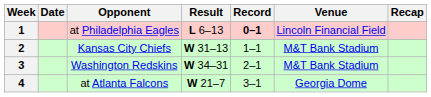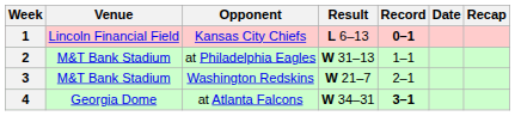 <table class="wikitable" style="text-align:center">
 <tr>
 <th>Week</th>
-<th>Date</th>
+<th>Venue</th>
 <th>Opponent</th>
 <th>Result</th>
 <th>Record</th>
-<th>Venue</th>
+<th>Date</th>
 <th>Recap</th>
 </tr>
 <tr style="background:#fcc">
 <th>1</th>
-<td style="text-align:center;"></td>
-<td style="text-align:center;">at <a href='#'>Philadelphia Eagles</a></td>
+<td style="text-align:center;"><a href='#'>Lincoln Financial Field</a></td>
+<td style="text-align:center;"><a href='#'>Kansas City Chiefs</a></td>
 <td style="text-align:center;"><strong>L</strong> 6–13</td>
 <td style="text-align:center;"><strong>0–1</strong></td>
-<td style="text-align:center;"><a href='#'>Lincoln Financial Field</a></td>
+<td style="text-align:center;"></td>
 <td style="text-align:center;"></td>
 </tr>
 <tr style="background:#cfc">
 <th>2</th>
-<td style="text-align:center;"></td>
-<td style="text-align:center;"><a href='#'>Kansas City Chiefs</a></td>
+<td style="text-align:center;"><a href='#'>M&T Bank Stadium</a></td>
+<td style="text-align:center;">at <a href='#'>Philadelphia Eagles</a></td>
 <td style="text-align:center;"><strong>W</strong> 31–13</td>
 <td style="text-align:center;">1–1</td>
-<td style="text-align:center;"><a href='#'>M&T Bank Stadium</a></td>
+<td style="text-align:center;"></td>
 <td style="text-align:center;"></td>
 </tr>
 <tr style="background:#cfc">
 <th>3</th>
+<td style="text-align:center;"><a href='#'>M&T Bank Stadium</a></td>
+<td style="text-align:center;"><a href='#'>Washington Redskins</a></td>
+<td style="text-align:center;"><strong>W</strong> 21–7</td>
+<td style="text-align:center;">2–1</td>
 <td style="text-align:center;"></td>
-<td style="text-align:center;"><a href='#'>Washington Redskins</a></td>
-<td style="text-align:center;"><strong>W</strong> 34–31</td>
-<td style="text-align:center;">2–1</td>
-<td style="text-align:center;"><a href='#'>M&T Bank Stadium</a></td>
 <td style="text-align:center;"></td>
 </tr>
 <tr style="background:#cfc">
 <th>4</th>
+<td style="text-align:center;"><a href='#'>Georgia Dome</a></td>
+<td style="text-align:center;">at <a href='#'>Atlanta Falcons</a></td>
+<td style="text-align:center;"><strong>W</strong> 34–31</td>
+<td style="text-align:center;"><strong>3–1</strong></td>
 <td style="text-align:center;"></td>
-<td style="text-align:center;">at <a href='#'>Atlanta Falcons</a></td>
-<td style="text-align:center;"><strong>W</strong> 21–7</td>
-<td style="text-align:center;">3–1</td>
-<td style="text-align:center;"><a href='#'>Georgia Dome</a></td>
 <td style="text-align:center;"></td>
 </tr>
 </table>
